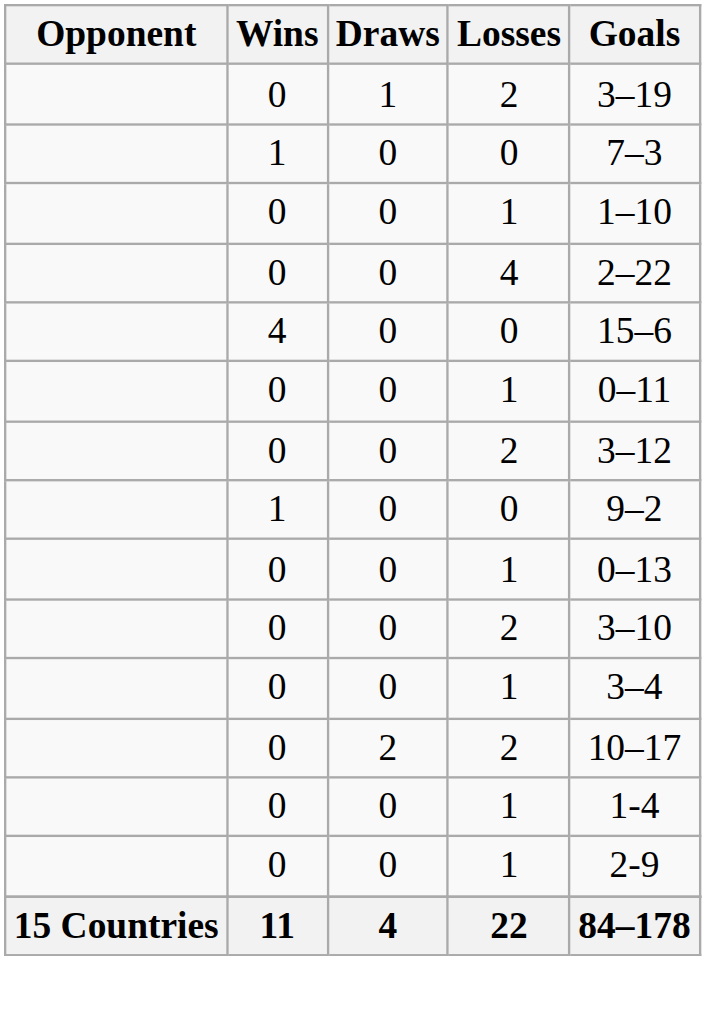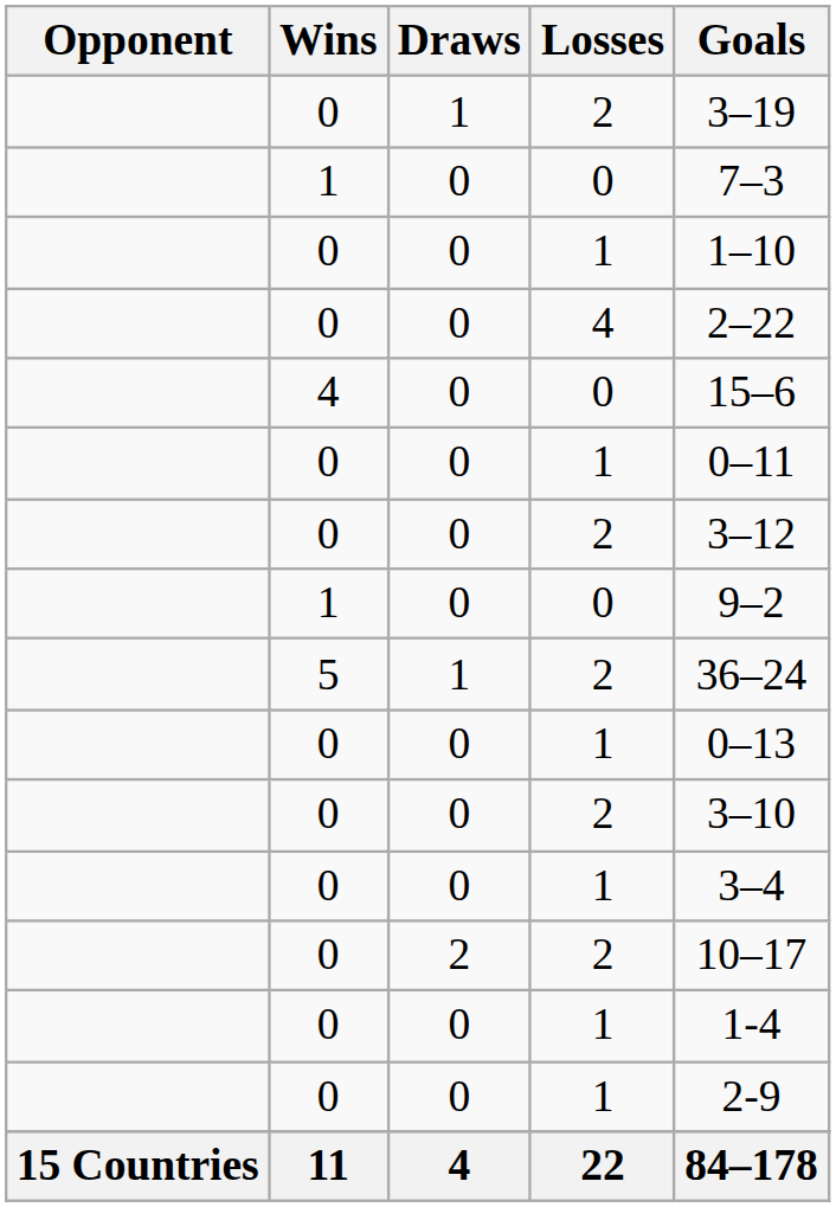 <table class="wikitable sortable" style="text-align:center">
 <tr>
 <th>Opponent</th>
 <th>Wins</th>
 <th>Draws</th>
 <th>Losses</th>
 <th>Goals</th>
 </tr>
 <tr>
 <td style="text-align:left;"></td>
 <td>0</td>
 <td>1</td>
 <td>2</td>
 <td>3–19</td>
 </tr>
 <tr>
 <td style="text-align:left;"></td>
 <td>1</td>
 <td>0</td>
 <td>0</td>
 <td>7–3</td>
 </tr>
 <tr>
 <td style="text-align:left;"></td>
 <td>0</td>
 <td>0</td>
 <td>1</td>
 <td>1–10</td>
 </tr>
 <tr>
 <td style="text-align:left;"></td>
 <td>0</td>
 <td>0</td>
 <td>4</td>
 <td>2–22</td>
 </tr>
 <tr>
 <td style="text-align:left;"></td>
 <td>4</td>
 <td>0</td>
 <td>0</td>
 <td>15–6</td>
 </tr>
 <tr>
 <td style="text-align:left;"></td>
 <td>0</td>
 <td>0</td>
 <td>1</td>
 <td>0–11</td>
 </tr>
 <tr>
 <td style="text-align:left;"></td>
 <td>0</td>
 <td>0</td>
 <td>2</td>
 <td>3–12</td>
 </tr>
 <tr>
 <td style="text-align:left;"></td>
 <td>1</td>
 <td>0</td>
 <td>0</td>
 <td>9–2</td>
 </tr>
 <tr>
 <td style="text-align:left;"></td>
+<td>5</td>
+<td>1</td>
+<td>2</td>
+<td>36–24</td>
+</tr>
+<tr>
+<td style="text-align:left;"></td>
 <td>0</td>
 <td>0</td>
 <td>1</td>
 <td>0–13</td>
 </tr>
 <tr>
 <td style="text-align:left;"></td>
 <td>0</td>
 <td>0</td>
 <td>2</td>
 <td>3–10</td>
 </tr>
 <tr>
 <td style="text-align:left;"></td>
 <td>0</td>
 <td>0</td>
 <td>1</td>
 <td>3–4</td>
 </tr>
 <tr>
 <td style="text-align:left;"></td>
 <td>0</td>
 <td>2</td>
 <td>2</td>
 <td>10–17</td>
 </tr>
 <tr>
 <td style="text-align:left;"></td>
 <td>0</td>
 <td>0</td>
 <td>1</td>
 <td>1-4</td>
 </tr>
 <tr>
 <td style="text-align:left;"></td>
 <td>0</td>
 <td>0</td>
 <td>1</td>
 <td>2-9</td>
 </tr>
 <tr>
 </tr>
 <tr class="sortbot">
 <th>15 Countries</th>
 <th>11</th>
 <th>4</th>
 <th>22</th>
 <th>84–178</th>
 </tr>
 </table>
